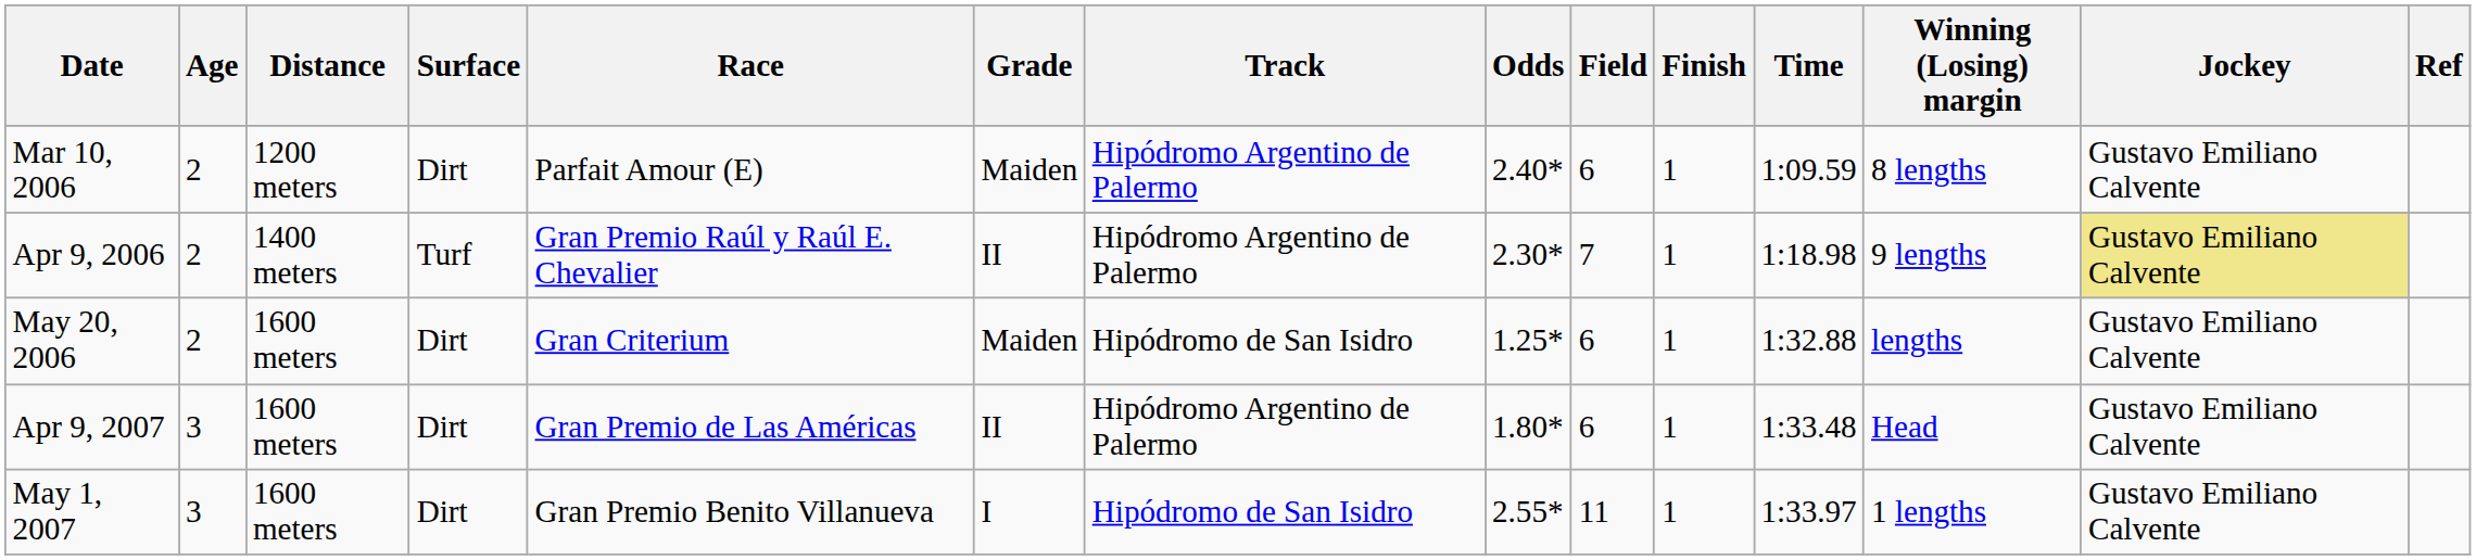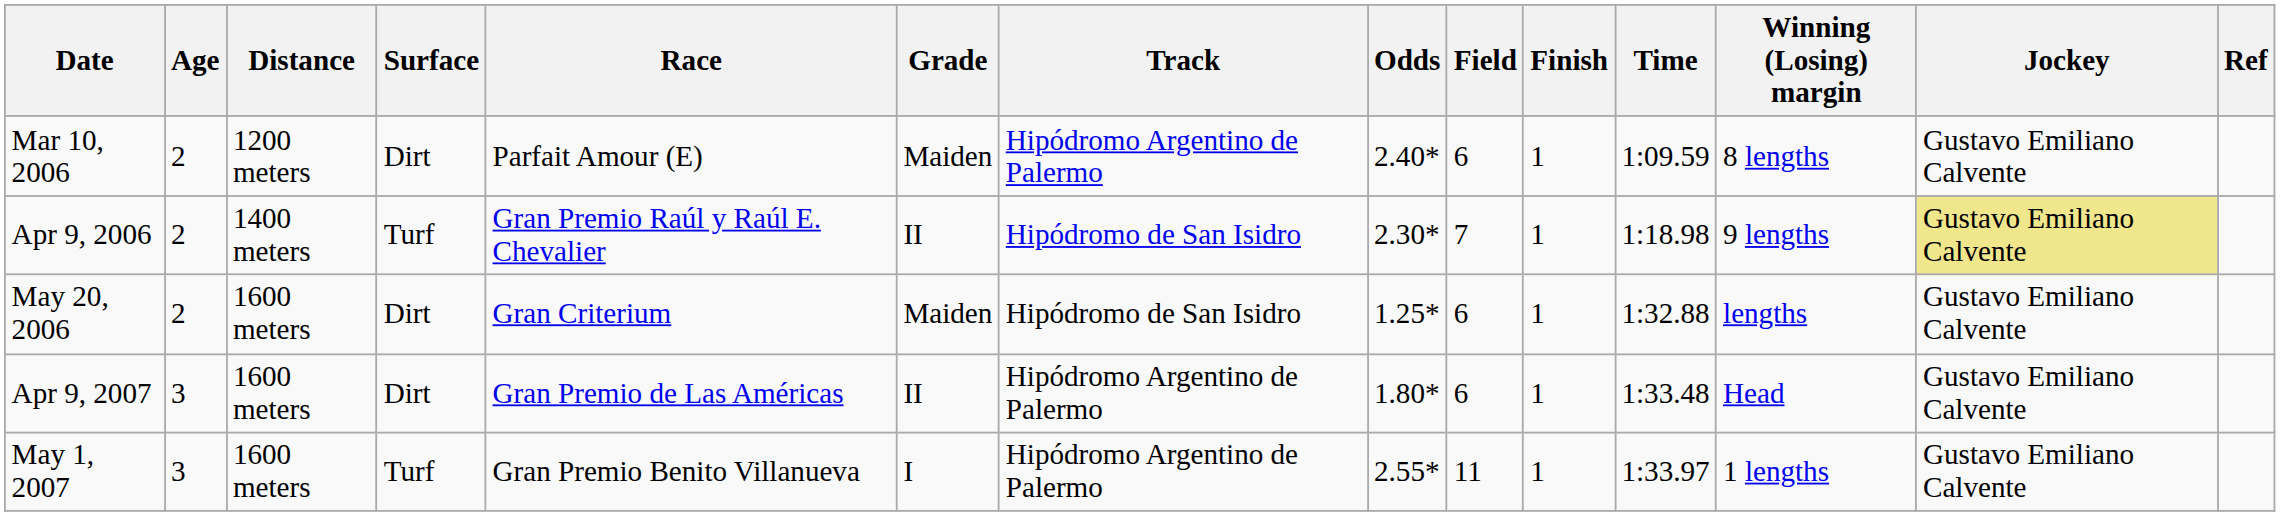 <table class="wikitable sortable">
 <tr>
 <th scope="col">Date</th>
 <th scope="col">Age</th>
 <th scope="col">Distance</th>
 <th>Surface</th>
 <th scope="col">Race</th>
 <th scope="col">Grade</th>
 <th scope="col">Track</th>
 <th scope="col">Odds</th>
 <th scope="col">Field</th>
 <th scope="col">Finish</th>
 <th scope="col">Time</th>
 <th scope="col">Winning<br>(Losing) margin</th>
 <th scope="col">Jockey</th>
 <th class="unsortable" scope="col">Ref</th>
 </tr>
 <tr>
 <td>Mar 10, 2006</td>
 <td>2</td>
 <td>1200 meters</td>
 <td>Dirt</td>
 <td>Parfait Amour (E)</td>
 <td>Maiden</td>
 <td><a href='#'>Hipódromo Argentino de Palermo</a></td>
 <td>2.40*</td>
 <td>6</td>
 <td>1</td>
 <td>1:09.59</td>
 <td>8 <a href='#'>lengths</a></td>
 <td>Gustavo Emiliano Calvente</td>
 <td></td>
 </tr>
 <tr>
 <td>Apr 9, 2006</td>
 <td>2</td>
 <td>1400 meters</td>
 <td>Turf</td>
 <td><a href='#'>Gran Premio Raúl y Raúl E. Chevalier</a></td>
 <td>II</td>
-<td>Hipódromo Argentino de Palermo</td>
+<td><a href='#'>Hipódromo de San Isidro</a></td>
 <td>2.30*</td>
 <td>7</td>
 <td>1</td>
 <td>1:18.98</td>
 <td>9 <a href='#'>lengths</a></td>
 <td style="background: khaki;">Gustavo Emiliano Calvente</td>
 <td></td>
 </tr>
 <tr>
 <td>May 20, 2006</td>
 <td>2</td>
 <td>1600 meters</td>
 <td>Dirt</td>
 <td><a href='#'>Gran Criterium</a></td>
 <td>Maiden</td>
 <td>Hipódromo de San Isidro</td>
 <td>1.25*</td>
 <td>6</td>
 <td>1</td>
 <td>1:32.88</td>
 <td> <a href='#'>lengths</a></td>
 <td>Gustavo Emiliano Calvente</td>
 <td></td>
 </tr>
 <tr>
 <td>Apr 9, 2007</td>
 <td>3</td>
 <td>1600 meters</td>
 <td>Dirt</td>
 <td><a href='#'>Gran Premio de Las Américas</a></td>
 <td>II</td>
 <td>Hipódromo Argentino de Palermo</td>
 <td>1.80*</td>
 <td>6</td>
 <td>1</td>
 <td>1:33.48</td>
 <td><a href='#'>Head</a></td>
 <td>Gustavo Emiliano Calvente</td>
 <td></td>
 </tr>
 <tr>
 <td>May 1, 2007</td>
 <td>3</td>
 <td>1600 meters</td>
-<td>Dirt</td>
+<td>Turf</td>
 <td>Gran Premio Benito Villanueva</td>
 <td>I</td>
-<td><a href='#'>Hipódromo de San Isidro</a></td>
+<td>Hipódromo Argentino de Palermo</td>
 <td>2.55*</td>
 <td>11</td>
 <td>1</td>
 <td>1:33.97</td>
 <td>1 <a href='#'>lengths</a></td>
 <td>Gustavo Emiliano Calvente</td>
 <td></td>
 </tr>
 </table>
